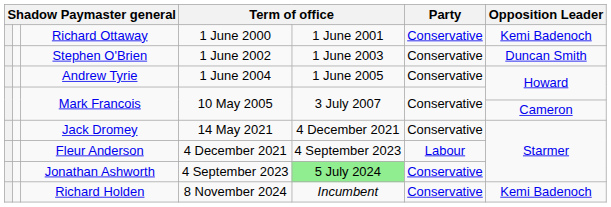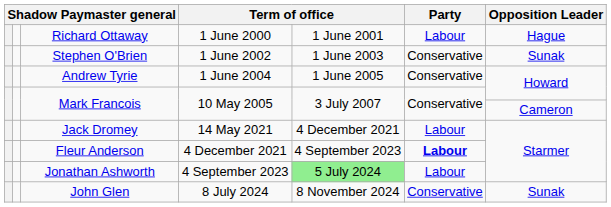 <table class="wikitable" style="text-align:center">
 <tr>
 <th colspan=3>Shadow Paymaster general</th>
 <th colspan=2>Term of office</th>
 <th>Party</th>
 <th>Opposition Leader</th>
 </tr>
 <tr style="height:1em">
 <th style="background-color:"></th>
 <td></td>
 <td><a href='#'>Richard Ottaway</a></td>
 <td>1 June 2000</td>
 <td>1 June 2001</td>
-<td><a href='#'>Conservative</a></td>
-<td><a href='#'>Kemi Badenoch</a></td>
+<td><a href='#'>Labour</a></td>
+<td><a href='#'>Hague</a></td>
 </tr>
 <tr style="height:1em">
 <th style="background-color:"></th>
 <td></td>
 <td><a href='#'>Stephen O'Brien</a></td>
 <td>1 June 2002</td>
 <td>1 June 2003</td>
 <td>Conservative</td>
-<td><a href='#'>Duncan Smith</a></td>
+<td><a href='#'>Sunak</a></td>
 </tr>
 <tr style="height:1em">
 <th style="background-color:"></th>
 <td></td>
 <td><a href='#'>Andrew Tyrie</a></td>
 <td>1 June 2004</td>
 <td>1 June 2005</td>
 <td>Conservative</td>
 <td rowspan="2"><a href='#'>Howard</a></td>
 </tr>
 <tr style="height:1em">
 <th rowspan=2 style="background-color:"></th>
 <td rowspan=2></td>
 <td rowspan=2><a href='#'>Mark Francois</a></td>
 <td rowspan=2>10 May 2005</td>
 <td rowspan=2>3 July 2007</td>
 <td rowspan=2>Conservative</td>
 </tr>
 <tr>
 <td><a href='#'>Cameron</a></td>
 </tr>
 <tr style="height:1em">
 <th style="background-color:"></th>
 <td></td>
 <td><a href='#'>Jack Dromey</a></td>
 <td>14 May 2021</td>
 <td>4 December 2021</td>
-<td>Conservative</td>
+<td><a href='#'>Labour</a></td>
 <td rowspan="3"><a href='#'>Starmer</a></td>
 </tr>
 <tr style="height:1em">
 <th style="background-color:"></th>
 <td></td>
 <td><a href='#'>Fleur Anderson</a></td>
 <td>4 December 2021</td>
 <td>4 September 2023</td>
-<td><a href='#'>Labour</a></td>
+<td><strong><a href='#'>Labour</a></strong></td>
 </tr>
 <tr style="height:1em">
 <th style="background-color:"></th>
 <td></td>
 <td><a href='#'>Jonathan Ashworth</a></td>
 <td>4 September 2023</td>
 <td style="background: lightgreen;">5 July 2024</td>
-<td><a href='#'>Conservative</a></td>
+<td><a href='#'>Labour</a></td>
 </tr>
 <tr style="height:1em">
 <th style="background-color:"></th>
 <td></td>
-<td><a href='#'>Richard Holden</a></td>
+<td><a href='#'>John Glen</a></td>
+<td>8 July 2024</td>
 <td>8 November 2024</td>
-<td><em>Incumbent</em></td>
 <td><a href='#'>Conservative</a></td>
-<td><a href='#'>Kemi Badenoch</a></td>
+<td><a href='#'>Sunak</a></td>
 </tr>
 </table>
